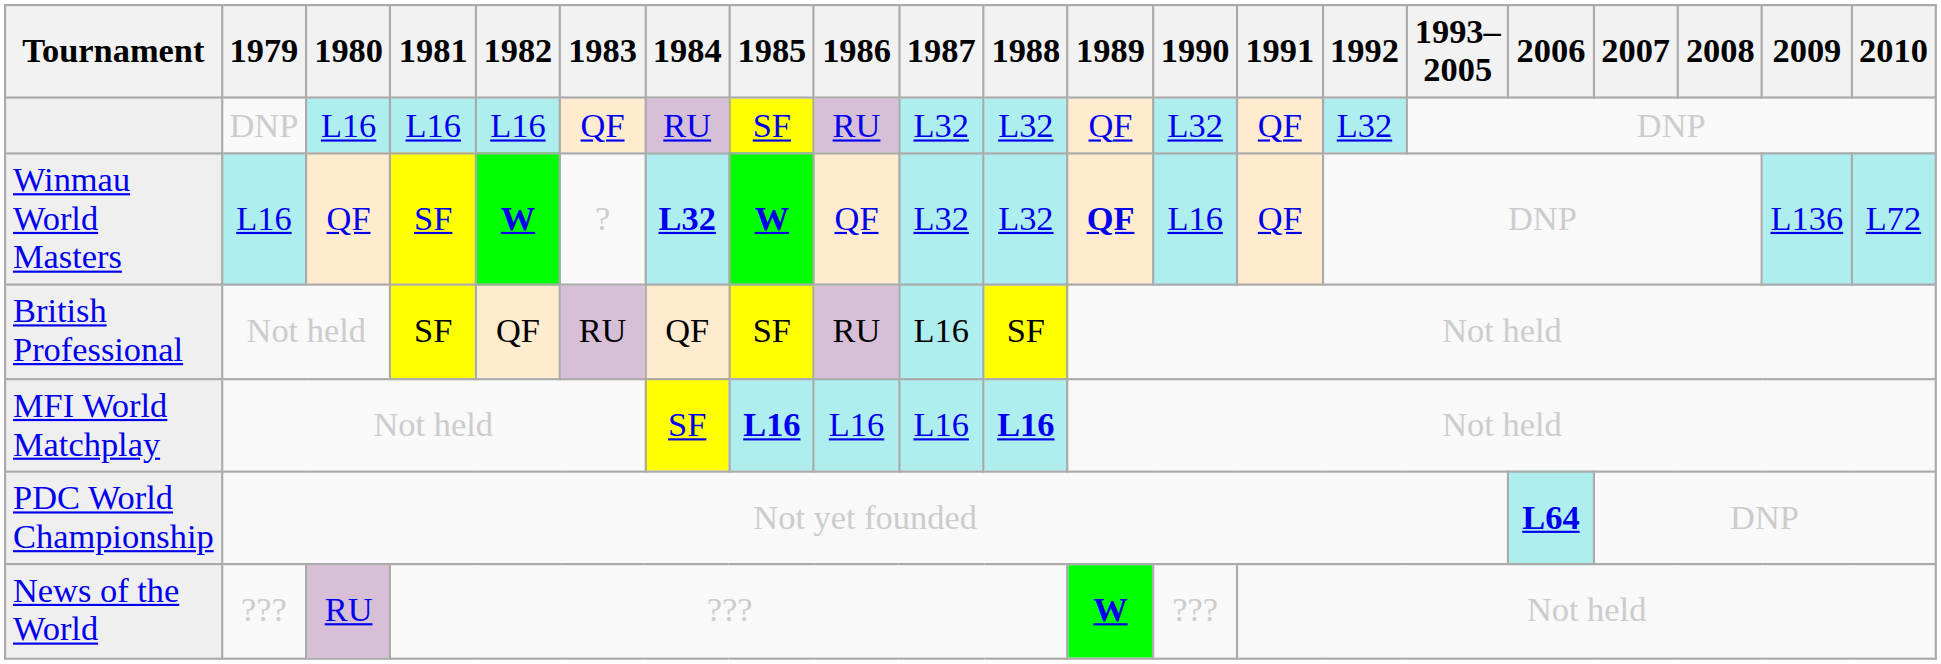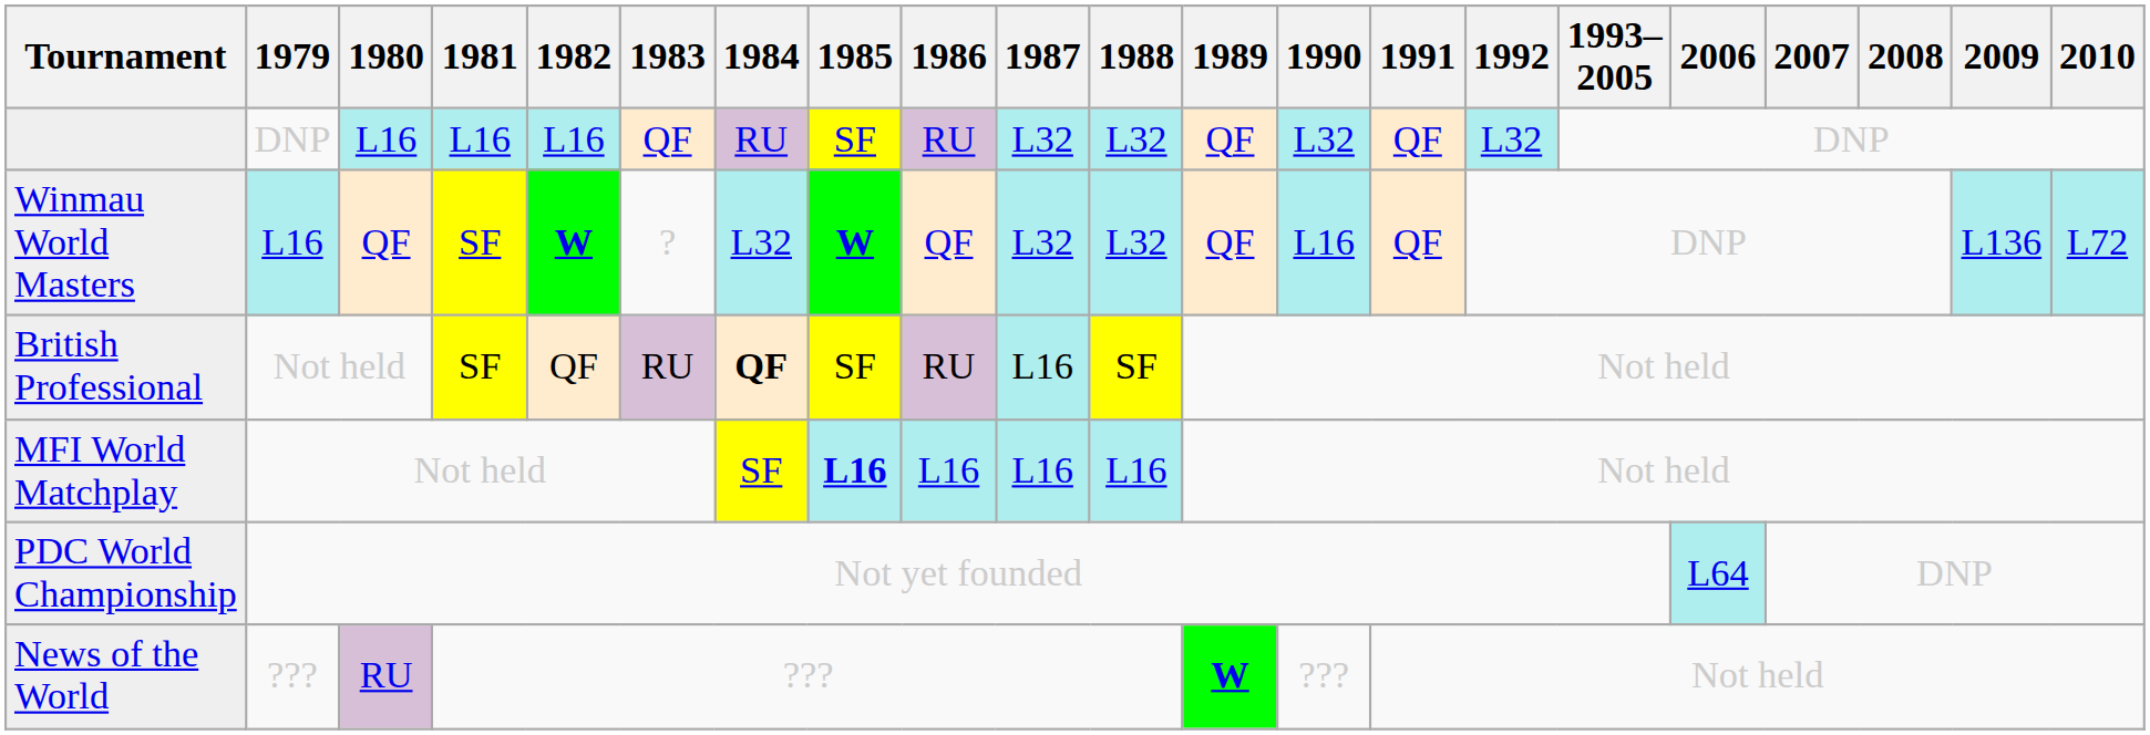 <table class="wikitable" style="width:60%; margin:0">
 <tr>
 <th>Tournament</th>
 <th>1979</th>
 <th>1980</th>
 <th>1981</th>
 <th>1982</th>
 <th>1983</th>
 <th>1984</th>
 <th>1985</th>
 <th>1986</th>
 <th>1987</th>
 <th>1988</th>
 <th>1989</th>
 <th>1990</th>
 <th>1991</th>
 <th>1992</th>
 <th>1993–2005</th>
 <th>2006</th>
 <th>2007</th>
 <th>2008</th>
 <th>2009</th>
 <th>2010</th>
 </tr>
 <tr>
 <td style="background:#efefef;"></td>
 <td style="text-align:center; color:#ccc;">DNP</td>
 <td style="text-align:center; background:#afeeee;"><a href='#'>L16</a></td>
 <td style="text-align:center; background:#afeeee;"><a href='#'>L16</a></td>
 <td style="text-align:center; background:#afeeee;"><a href='#'>L16</a></td>
 <td style="text-align:center; background:#ffebcd;"><a href='#'>QF</a></td>
 <td style="text-align:center; background:thistle;"><a href='#'>RU</a></td>
 <td style="text-align:center; background:yellow;"><a href='#'>SF</a></td>
 <td style="text-align:center; background:thistle;"><a href='#'>RU</a></td>
 <td style="text-align:center; background:#afeeee;"><a href='#'>L32</a></td>
 <td style="text-align:center; background:#afeeee;"><a href='#'>L32</a></td>
 <td style="text-align:center; background:#ffebcd;"><a href='#'>QF</a></td>
 <td style="text-align:center; background:#afeeee;"><a href='#'>L32</a></td>
 <td style="text-align:center; background:#ffebcd;"><a href='#'>QF</a></td>
 <td style="text-align:center; background:#afeeee;"><a href='#'>L32</a></td>
 <td colspan="6" style="text-align:center; color:#ccc;">DNP</td>
 </tr>
 <tr>
 <td style="background:#efefef;"><a href='#'>Winmau World Masters</a></td>
 <td style="text-align:center; background:#afeeee;"><a href='#'>L16</a></td>
 <td style="text-align:center; background:#ffebcd;"><a href='#'>QF</a></td>
 <td style="text-align:center; background:yellow;"><a href='#'>SF</a></td>
 <td style="text-align:center; background:lime;"><strong><a href='#'>W</a></strong></td>
 <td style="text-align:center; color:#ccc;">?</td>
-<td style="text-align:center; background:#afeeee;"><strong><a href='#'>L32</a></strong></td>
+<td style="text-align:center; background:#afeeee;"><a href='#'>L32</a></td>
 <td style="text-align:center; background:lime;"><strong><a href='#'>W</a></strong></td>
 <td style="text-align:center; background:#ffebcd;"><a href='#'>QF</a></td>
 <td style="text-align:center; background:#afeeee;"><a href='#'>L32</a></td>
 <td style="text-align:center; background:#afeeee;"><a href='#'>L32</a></td>
-<td style="text-align:center; background:#ffebcd;"><strong><a href='#'>QF</a></strong></td>
+<td style="text-align:center; background:#ffebcd;"><a href='#'>QF</a></td>
 <td style="text-align:center; background:#afeeee;"><a href='#'>L16</a></td>
 <td style="text-align:center; background:#ffebcd;"><a href='#'>QF</a></td>
 <td colspan="5" style="text-align:center; color:#ccc;">DNP</td>
 <td style="text-align:center; background:#afeeee;"><a href='#'>L136</a></td>
 <td style="text-align:center; background:#afeeee;"><a href='#'>L72</a></td>
 </tr>
 <tr>
 <td style="background:#efefef;"><a href='#'>British Professional</a></td>
 <td colspan="2" style="text-align:center; color:#ccc;">Not held</td>
 <td style="text-align:center; background:yellow;">SF</td>
 <td style="text-align:center; background:#ffebcd;">QF</td>
 <td style="text-align:center; background:thistle;">RU</td>
-<td style="text-align:center; background:#ffebcd;">QF</td>
+<td style="text-align:center; background:#ffebcd;"><strong>QF</strong></td>
 <td style="text-align:center; background:yellow;">SF</td>
 <td style="text-align:center; background:thistle;">RU</td>
 <td style="text-align:center; background:#afeeee;">L16</td>
 <td style="text-align:center; background:yellow;">SF</td>
 <td colspan="10" style="text-align:center; color:#ccc;">Not held</td>
 </tr>
 <tr>
 <td style="background:#efefef;"><a href='#'>MFI World Matchplay</a></td>
 <td colspan="5" style="text-align:center; color:#ccc;">Not held</td>
 <td style="text-align:center; background:yellow;"><a href='#'>SF</a></td>
 <td style="text-align:center; background:#afeeee;"><strong><a href='#'>L16</a></strong></td>
 <td style="text-align:center; background:#afeeee;"><a href='#'>L16</a></td>
 <td style="text-align:center; background:#afeeee;"><a href='#'>L16</a></td>
-<td style="text-align:center; background:#afeeee;"><strong><a href='#'>L16</a></strong></td>
+<td style="text-align:center; background:#afeeee;"><a href='#'>L16</a></td>
 <td colspan="10" style="text-align:center; color:#ccc;">Not held</td>
 </tr>
 <tr>
 <td style="background:#efefef;"><a href='#'>PDC World Championship</a></td>
 <td colspan="15" style="text-align:center; color:#ccc;">Not yet founded</td>
-<td style="text-align:center; background:#afeeee;"><strong><a href='#'>L64</a></strong></td>
+<td style="text-align:center; background:#afeeee;"><a href='#'>L64</a></td>
 <td colspan="4" style="text-align:center; color:#ccc;">DNP</td>
 </tr>
 <tr>
 <td style="background:#efefef;"><a href='#'>News of the World</a></td>
 <td colspan="1" style="text-align:center; color:#ccc;">???</td>
 <td style="text-align:center; background:thistle;"><a href='#'>RU</a></td>
 <td colspan="8" style="text-align:center; color:#ccc;">???</td>
 <td style="text-align:center; background:lime;"><strong><a href='#'>W</a></strong></td>
 <td style="text-align:center; color:#ccc;">???</td>
 <td colspan="8" style="text-align:center; color:#ccc;">Not held</td>
 </tr>
 </table>
